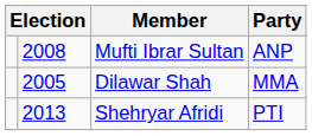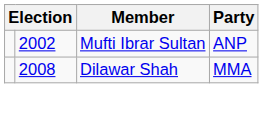 <table class="wikitable">
 <tr>
 <th colspan="2">Election</th>
 <th>Member</th>
 <th>Party</th>
 </tr>
 <tr>
 <td style="background-color: "></td>
-<td><a href='#'>2008</a></td>
+<td><a href='#'>2002</a></td>
 <td><a href='#'>Mufti Ibrar Sultan</a></td>
 <td><a href='#'>ANP</a></td>
 </tr>
 <tr>
 <td style="background-color: "></td>
-<td><a href='#'>2005</a></td>
+<td><a href='#'>2008</a></td>
 <td><a href='#'>Dilawar Shah</a></td>
 <td><a href='#'>MMA</a></td>
 </tr>
-<tr>
-<td style="background-color: "></td>
-<td><a href='#'>2013</a></td>
-<td><a href='#'>Shehryar Afridi</a></td>
-<td><a href='#'>PTI</a></td>
-</tr>
 </table>
